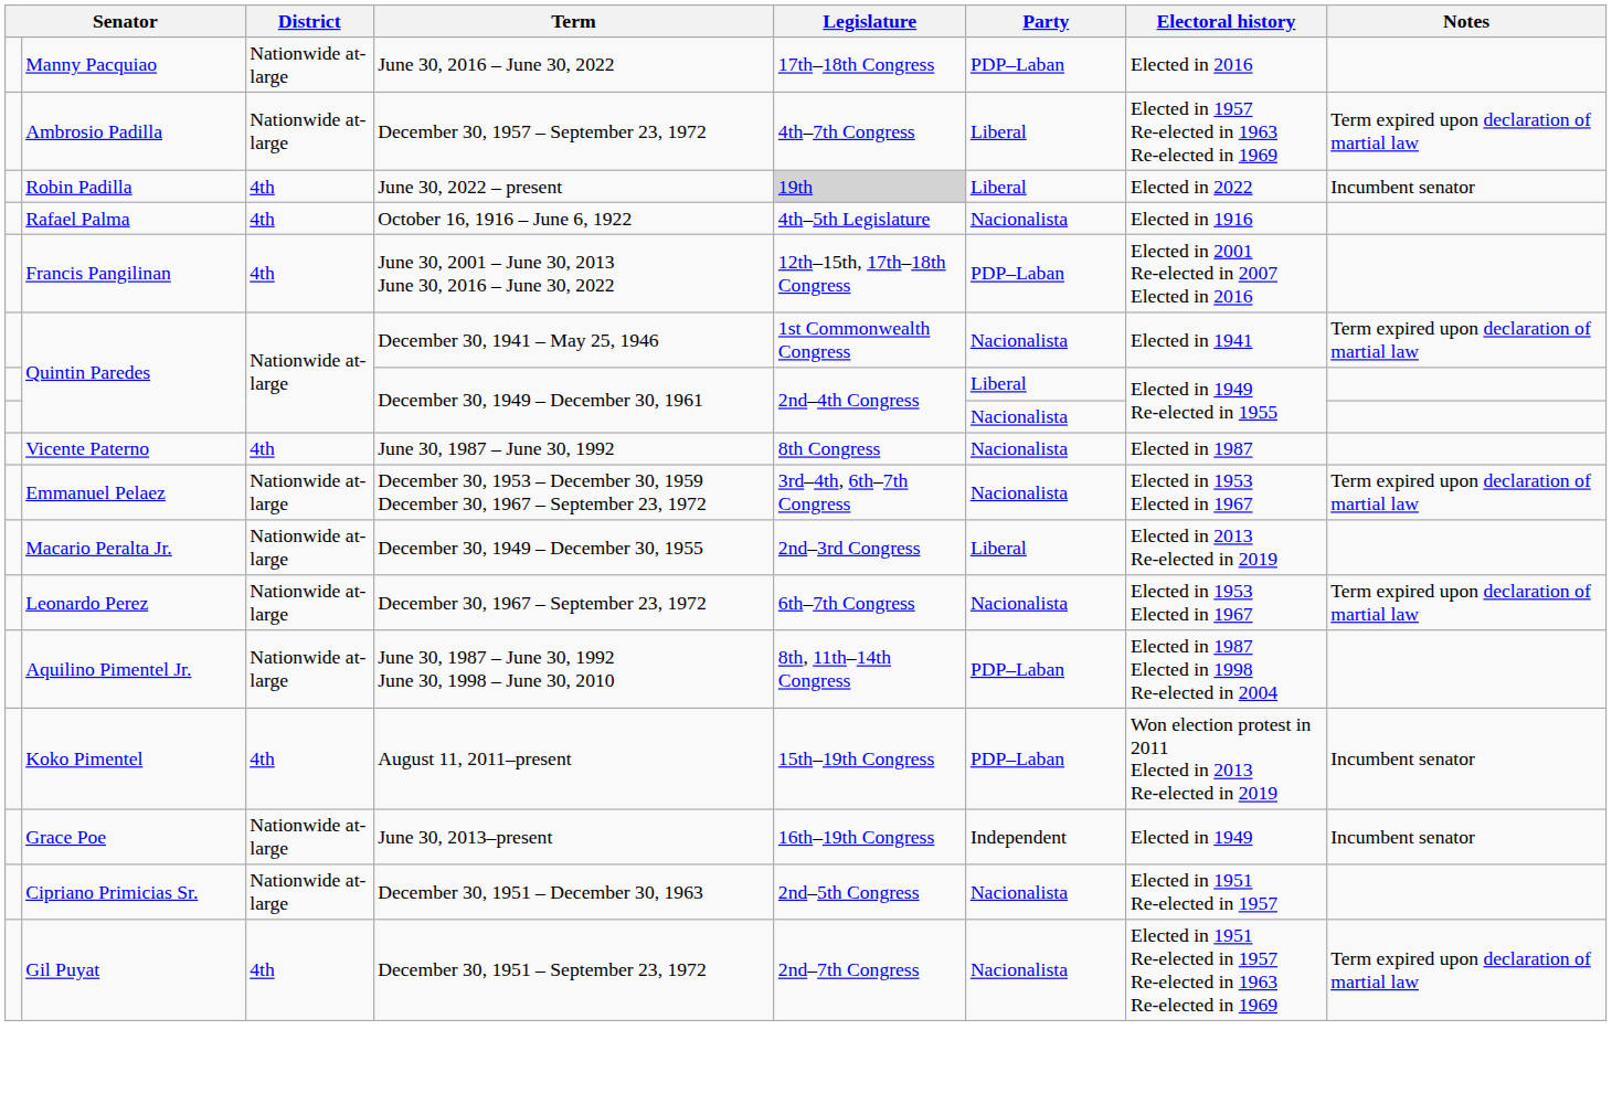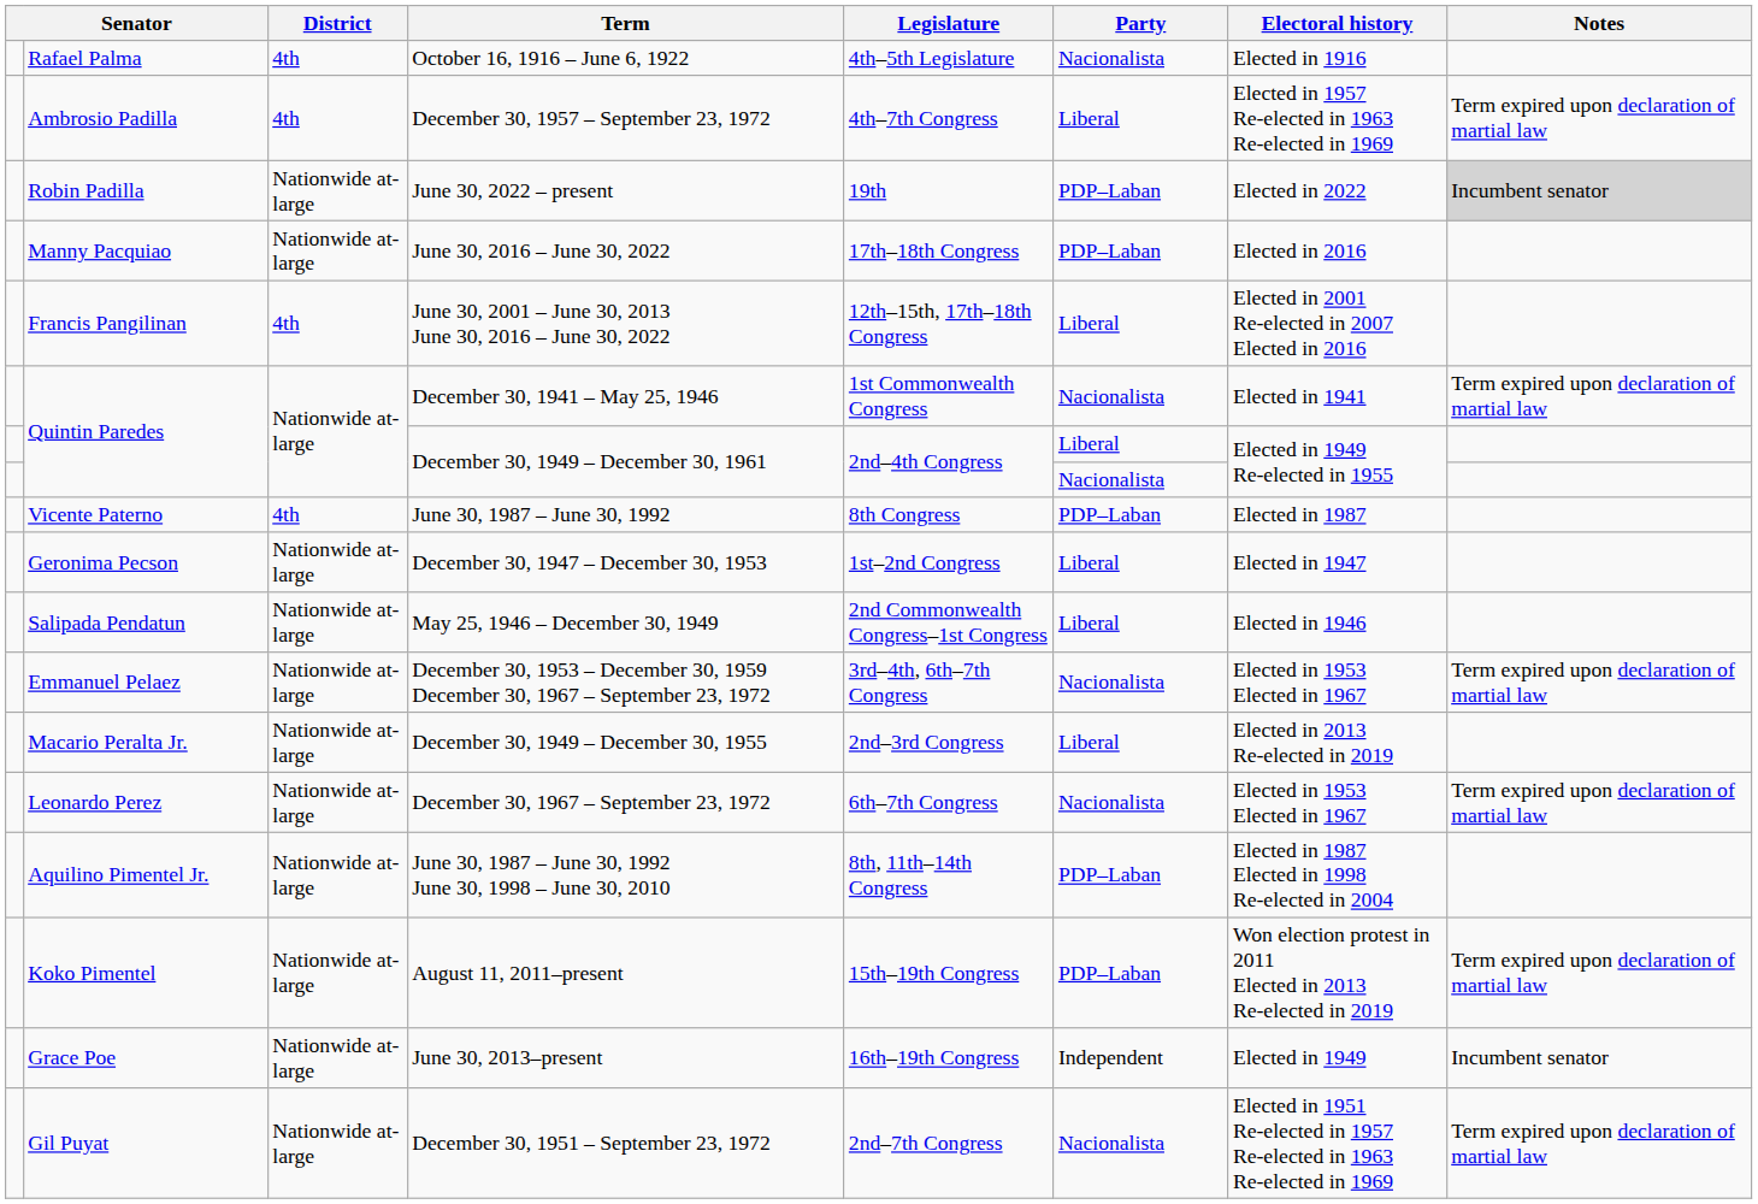 <table class="wikitable" style="font-size:95%" width=99%>
 <tr>
 <th colspan="2" width="15%">Senator</th>
 <th width="8%"><a href='#'>District</a></th>
 <th width="25%">Term</th>
 <th width="12%"><a href='#'>Legislature</a></th>
 <th width="10%"><a href='#'>Party</a></th>
 <th width="12.5%"><a href='#'>Electoral history</a></th>
 <th width="17.5%">Notes</th>
+</tr>
+<tr>
+<td style="background-color:"></td>
+<td><a href='#'>Rafael Palma</a></td>
+<td><a href='#'>4th</a></td>
+<td>October 16, 1916 – June 6, 1922</td>
+<td><a href='#'>4th</a>–<a href='#'>5th Legislature</a></td>
+<td><a href='#'>Nacionalista</a></td>
+<td>Elected in <a href='#'>1916</a></td>
+<td></td>
+</tr>
+<tr>
+<td style="background-color:"></td>
+<td><a href='#'>Ambrosio Padilla</a></td>
+<td><a href='#'>4th</a></td>
+<td>December 30, 1957 – September 23, 1972</td>
+<td><a href='#'>4th</a>–<a href='#'>7th Congress</a></td>
+<td><a href='#'>Liberal</a></td>
+<td>Elected in <a href='#'>1957</a><br>Re-elected in <a href='#'>1963</a><br>Re-elected in <a href='#'>1969</a></td>
+<td>Term expired upon <a href='#'>declaration of martial law</a></td>
+</tr>
+<tr>
+<td style="background-color:"></td>
+<td><a href='#'>Robin Padilla</a></td>
+<td>Nationwide at-large</td>
+<td>June 30, 2022 – present</td>
+<td><a href='#'>19th</a></td>
+<td><a href='#'>PDP–Laban</a></td>
+<td>Elected in <a href='#'>2022</a></td>
+<td style="background: lightgrey;">Incumbent senator</td>
 </tr>
 <tr>
 <td width="1%" style="background-color:"></td>
 <td><a href='#'>Manny Pacquiao</a></td>
 <td>Nationwide at-large</td>
 <td>June 30, 2016 – June 30, 2022</td>
 <td><a href='#'>17th</a>–<a href='#'>18th Congress</a></td>
 <td><a href='#'>PDP–Laban</a></td>
 <td>Elected in <a href='#'>2016</a></td>
 <td></td>
 </tr>
 <tr>
 <td style="background-color:"></td>
-<td><a href='#'>Ambrosio Padilla</a></td>
-<td>Nationwide at-large</td>
-<td>December 30, 1957 – September 23, 1972</td>
-<td><a href='#'>4th</a>–<a href='#'>7th Congress</a></td>
-<td><a href='#'>Liberal</a></td>
-<td>Elected in <a href='#'>1957</a><br>Re-elected in <a href='#'>1963</a><br>Re-elected in <a href='#'>1969</a></td>
-<td>Term expired upon <a href='#'>declaration of martial law</a></td>
-</tr>
-<tr>
-<td style="background-color:"></td>
-<td><a href='#'>Robin Padilla</a></td>
-<td><a href='#'>4th</a></td>
-<td>June 30, 2022 – present</td>
-<td style="background: lightgrey;"><a href='#'>19th</a></td>
-<td><a href='#'>Liberal</a></td>
-<td>Elected in <a href='#'>2022</a></td>
-<td>Incumbent senator</td>
-</tr>
-<tr>
-<td style="background-color:"></td>
-<td><a href='#'>Rafael Palma</a></td>
-<td><a href='#'>4th</a></td>
-<td>October 16, 1916 – June 6, 1922</td>
-<td><a href='#'>4th</a>–<a href='#'>5th Legislature</a></td>
-<td><a href='#'>Nacionalista</a></td>
-<td>Elected in <a href='#'>1916</a></td>
-<td></td>
-</tr>
-<tr>
-<td style="background-color:"></td>
 <td><a href='#'>Francis Pangilinan</a></td>
 <td><a href='#'>4th</a></td>
 <td>June 30, 2001 – June 30, 2013<br>June 30, 2016 – June 30, 2022</td>
 <td><a href='#'>12th</a>–15th, <a href='#'>17th</a>–<a href='#'>18th Congress</a></td>
-<td><a href='#'>PDP–Laban</a></td>
+<td><a href='#'>Liberal</a></td>
 <td>Elected in <a href='#'>2001</a><br>Re-elected in <a href='#'>2007</a><br>Elected in <a href='#'>2016</a></td>
 <td></td>
 </tr>
 <tr>
 <td style="background-color:"></td>
 <td rowspan="3"><a href='#'>Quintin Paredes</a></td>
 <td rowspan="3">Nationwide at-large</td>
 <td>December 30, 1941 – May 25, 1946</td>
 <td><a href='#'>1st Commonwealth Congress</a></td>
 <td><a href='#'>Nacionalista</a></td>
 <td>Elected in <a href='#'>1941</a></td>
 <td>Term expired upon <a href='#'>declaration of martial law</a></td>
 </tr>
 <tr>
 <td style="background-color:"></td>
 <td rowspan="2">December 30, 1949 – December 30, 1961</td>
 <td rowspan="2"><a href='#'>2nd</a>–<a href='#'>4th Congress</a></td>
 <td><a href='#'>Liberal</a></td>
 <td rowspan="2">Elected in <a href='#'>1949</a><br>Re-elected in <a href='#'>1955</a></td>
 <td></td>
 </tr>
 <tr>
 <td style="background-color:"></td>
 <td><a href='#'>Nacionalista</a></td>
 <td></td>
 </tr>
 <tr>
 <td style="background-color:"></td>
 <td><a href='#'>Vicente Paterno</a></td>
 <td><a href='#'>4th</a></td>
 <td>June 30, 1987 – June 30, 1992</td>
 <td><a href='#'>8th Congress</a></td>
-<td><a href='#'>Nacionalista</a></td>
+<td><a href='#'>PDP–Laban</a></td>
 <td>Elected in <a href='#'>1987</a></td>
+<td></td>
+</tr>
+<tr>
+<td style="background-color:"></td>
+<td><a href='#'>Geronima Pecson</a></td>
+<td>Nationwide at-large</td>
+<td>December 30, 1947 – December 30, 1953</td>
+<td><a href='#'>1st</a>–<a href='#'>2nd Congress</a></td>
+<td><a href='#'>Liberal</a></td>
+<td>Elected in <a href='#'>1947</a></td>
+<td></td>
+</tr>
+<tr>
+<td style="background-color:"></td>
+<td><a href='#'>Salipada Pendatun</a></td>
+<td>Nationwide at-large</td>
+<td>May 25, 1946 – December 30, 1949</td>
+<td><a href='#'>2nd Commonwealth Congress</a>–<a href='#'>1st Congress</a></td>
+<td><a href='#'>Liberal</a></td>
+<td>Elected in <a href='#'>1946</a></td>
 <td></td>
 </tr>
 <tr>
 <td style="background-color:"></td>
 <td><a href='#'>Emmanuel Pelaez</a></td>
 <td>Nationwide at-large</td>
 <td>December 30, 1953 – December 30, 1959<br>December 30, 1967 – September 23, 1972</td>
 <td><a href='#'>3rd</a>–<a href='#'>4th</a>, <a href='#'>6th</a>–<a href='#'>7th Congress</a></td>
 <td><a href='#'>Nacionalista</a></td>
 <td>Elected in <a href='#'>1953</a><br>Elected in <a href='#'>1967</a></td>
 <td>Term expired upon <a href='#'>declaration of martial law</a></td>
 </tr>
 <tr>
 <td style="background-color:"></td>
 <td><a href='#'>Macario Peralta Jr.</a></td>
 <td>Nationwide at-large</td>
 <td>December 30, 1949 – December 30, 1955</td>
 <td><a href='#'>2nd</a>–<a href='#'>3rd Congress</a></td>
 <td><a href='#'>Liberal</a></td>
 <td>Elected in <a href='#'>2013</a><br>Re-elected in <a href='#'>2019</a></td>
 <td></td>
 </tr>
 <tr>
 <td style="background-color:"></td>
 <td><a href='#'>Leonardo Perez</a></td>
 <td>Nationwide at-large</td>
 <td>December 30, 1967 – September 23, 1972</td>
 <td><a href='#'>6th</a>–<a href='#'>7th Congress</a></td>
 <td><a href='#'>Nacionalista</a></td>
 <td>Elected in <a href='#'>1953</a><br>Elected in <a href='#'>1967</a></td>
 <td>Term expired upon <a href='#'>declaration of martial law</a></td>
 </tr>
 <tr>
 <td style="background-color:"></td>
 <td><a href='#'>Aquilino Pimentel Jr.</a></td>
 <td>Nationwide at-large</td>
 <td>June 30, 1987 – June 30, 1992<br>June 30, 1998 – June 30, 2010</td>
 <td><a href='#'>8th</a>, <a href='#'>11th</a>–<a href='#'>14th Congress</a></td>
 <td><a href='#'>PDP–Laban</a></td>
 <td>Elected in <a href='#'>1987</a><br>Elected in <a href='#'>1998</a><br>Re-elected in <a href='#'>2004</a></td>
 <td></td>
 </tr>
 <tr>
 <td style="background-color:"></td>
 <td><a href='#'>Koko Pimentel</a></td>
-<td><a href='#'>4th</a></td>
+<td>Nationwide at-large</td>
 <td>August 11, 2011–present</td>
 <td><a href='#'>15th</a>–<a href='#'>19th Congress</a></td>
 <td><a href='#'>PDP–Laban</a></td>
 <td>Won election protest in 2011<br>Elected in <a href='#'>2013</a><br>Re-elected in <a href='#'>2019</a></td>
-<td>Incumbent senator</td>
+<td>Term expired upon <a href='#'>declaration of martial law</a></td>
 </tr>
 <tr>
 <td style="background-color:"></td>
 <td><a href='#'>Grace Poe</a></td>
 <td>Nationwide at-large</td>
 <td>June 30, 2013–present</td>
 <td><a href='#'>16th</a>–<a href='#'>19th Congress</a></td>
 <td>Independent</td>
 <td>Elected in <a href='#'>1949</a></td>
 <td>Incumbent senator</td>
 </tr>
 <tr>
 <td style="background-color:"></td>
-<td><a href='#'>Cipriano Primicias Sr.</a></td>
+<td><a href='#'>Gil Puyat</a></td>
 <td>Nationwide at-large</td>
-<td>December 30, 1951 – December 30, 1963</td>
-<td><a href='#'>2nd</a>–<a href='#'>5th Congress</a></td>
-<td><a href='#'>Nacionalista</a></td>
-<td>Elected in <a href='#'>1951</a><br>Re-elected in <a href='#'>1957</a></td>
-<td></td>
-</tr>
-<tr>
-<td style="background-color:"></td>
-<td><a href='#'>Gil Puyat</a></td>
-<td><a href='#'>4th</a></td>
 <td>December 30, 1951 – September 23, 1972</td>
 <td><a href='#'>2nd</a>–<a href='#'>7th Congress</a></td>
 <td><a href='#'>Nacionalista</a></td>
 <td>Elected in <a href='#'>1951</a><br>Re-elected in <a href='#'>1957</a><br>Re-elected in <a href='#'>1963</a><br>Re-elected in <a href='#'>1969</a></td>
 <td>Term expired upon <a href='#'>declaration of martial law</a></td>
 </tr>
 </table>
